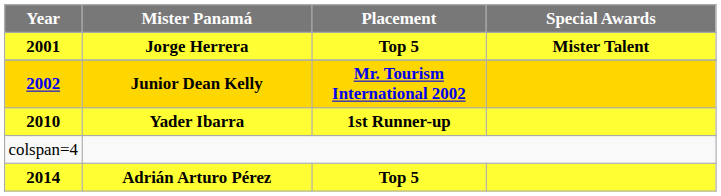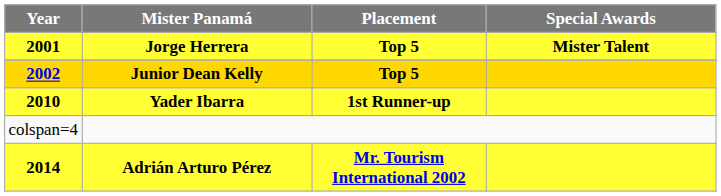 <table class="wikitable sortable" style="font-size: 95%; text-align:center">
 <tr>
 <th width="20" style="background-color:#787878;color:#FFFFFF;">Year</th>
 <th width="200" style="background-color:#787878;color:#FFFFFF;">Mister Panamá</th>
 <th width="150" style="background-color:#787878;color:#FFFFFF;">Placement</th>
 <th width="200" style="background-color:#787878;color:#FFFFFF;">Special Awards</th>
 </tr>
 <tr style="background-color:#FFFF33; font-weight: bold">
 <td>2001</td>
 <td>Jorge Herrera</td>
 <td>Top 5</td>
 <td>Mister Talent</td>
 </tr>
 <tr>
 </tr>
 <tr style="background-color:gold; font-weight: bold">
 <td><a href='#'>2002</a></td>
 <td>Junior Dean Kelly</td>
-<td><a href='#'>Mr. Tourism International 2002</a></td>
+<td>Top 5</td>
 <td></td>
 </tr>
 <tr style="background-color:#FFFF33; font-weight: bold">
 <td>2010</td>
 <td>Yader Ibarra</td>
 <td>1st Runner-up</td>
 <td></td>
 </tr>
 <tr>
 <td>colspan=4 </td>
 </tr>
 <tr style="background-color:#FFFF33; font-weight: bold">
 <td>2014</td>
 <td>Adrián Arturo Pérez</td>
-<td>Top 5</td>
+<td><a href='#'>Mr. Tourism International 2002</a></td>
 <td></td>
 </tr>
 </table>
